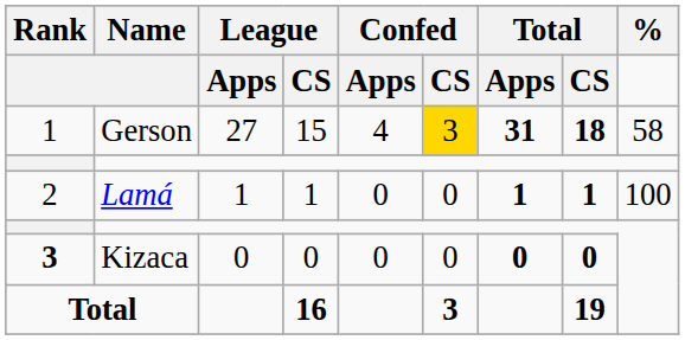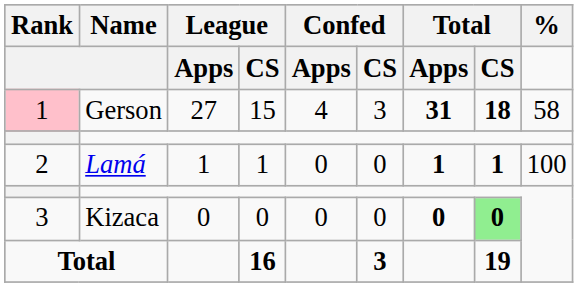 <table class="wikitable" style="text-align:center">
 <tr>
 <th>Rank</th>
 <th>Name</th>
 <th colspan=2>League</th>
 <th colspan=2>Confed</th>
 <th colspan=2>Total</th>
 <th>%</th>
 </tr>
 <tr>
 <th colspan=2></th>
 <th>Apps</th>
 <th>CS</th>
 <th>Apps</th>
 <th>CS</th>
 <th>Apps</th>
 <th>CS</th>
 </tr>
 <tr>
-<td>1</td>
+<td style="background: pink;">1</td>
 <td align="left"> Gerson</td>
 <td>27</td>
 <td>15</td>
 <td>4</td>
-<td style="background: gold;">3</td>
+<td>3</td>
 <td><strong>31</strong></td>
 <td><strong>18</strong></td>
 <td>58</td>
 </tr>
 <tr>
 <th></th>
 </tr>
 <tr>
 <td>2</td>
 <td align="left"> <em><a href='#'>Lamá</a></em></td>
 <td>1</td>
 <td>1</td>
 <td>0</td>
 <td>0</td>
 <td><strong>1</strong></td>
 <td><strong>1</strong></td>
 <td>100</td>
 </tr>
 <tr>
 <th></th>
 </tr>
 <tr>
-<td><strong>3</strong></td>
+<td>3</td>
 <td align="left"> Kizaca</td>
 <td>0</td>
 <td>0</td>
 <td>0</td>
 <td>0</td>
 <td><strong>0</strong></td>
-<td><strong>0</strong></td>
+<td style="background: lightgreen;"><strong>0</strong></td>
 </tr>
 <tr>
 <td colspan=2><strong>Total</strong></td>
 <td></td>
 <td><strong>16</strong></td>
 <td></td>
 <td><strong>3</strong></td>
 <td></td>
 <td><strong>19</strong></td>
 </tr>
 </table>
